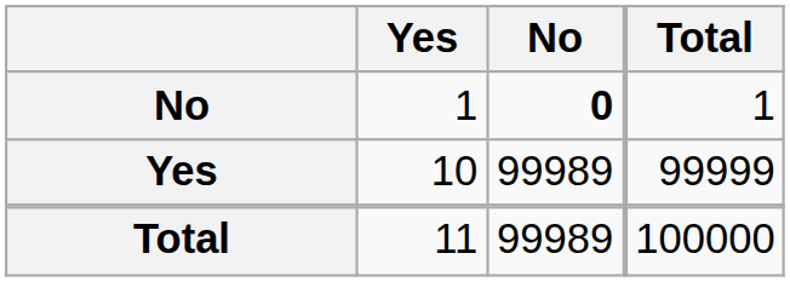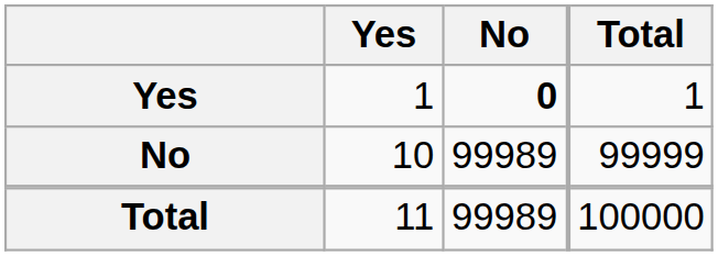 <table class=wikitable>
 <tr>
 <th></th>
 <th style="width:5ex;">Yes</th>
 <th style="width:5ex;">No</th>
 <th rowspan="5" style="padding:0;"></th>
 <th>Total</th>
 </tr>
 <tr>
-<th>No</th>
+<th>Yes</th>
 <td style="text-align:right">1</td>
 <td style="text-align:right"><strong>0</strong></td>
 <td style="text-align:right">1</td>
 </tr>
 <tr>
-<th>Yes</th>
+<th>No</th>
 <td style="text-align:right">10</td>
 <td style="text-align:right">99989</td>
 <td style="text-align:right">99999</td>
 </tr>
 <tr>
 <td colspan="5" style="padding:0;"></td>
 </tr>
 <tr>
 <th style="width:15ex;">Total</th>
 <td style="text-align:right">11</td>
 <td style="text-align:right">99989</td>
 <td style="text-align:right">100000</td>
 </tr>
 </table>
